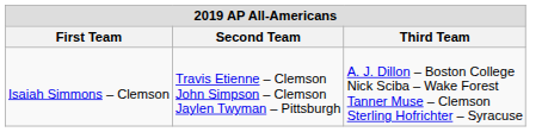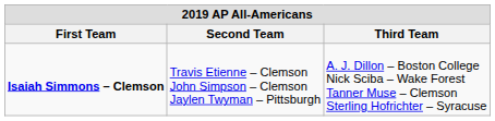 <table class="wikitable" style="white-space:nowrap; font-size:90%;">
 <tr>
 <td colspan="7" style="text-align:center; background:#ddd;"><strong>2019 AP All-Americans</strong></td>
 </tr>
 <tr>
 <th>First Team</th>
 <th>Second Team</th>
 <th>Third Team</th>
 </tr>
 <tr>
-<td><br><a href='#'>Isaiah Simmons</a> – Clemson</td>
+<td><strong><br><a href='#'>Isaiah Simmons</a> – Clemson</strong></td>
 <td><br><a href='#'>Travis Etienne</a> – Clemson<br> <a href='#'>John Simpson</a> – Clemson<br> <a href='#'>Jaylen Twyman</a> – Pittsburgh</td>
 <td><br><a href='#'>A. J. Dillon</a> – Boston College<br> Nick Sciba – Wake Forest<br> <a href='#'>Tanner Muse</a> – Clemson<br> <a href='#'>Sterling Hofrichter</a> – Syracuse</td>
 </tr>
 </table>
